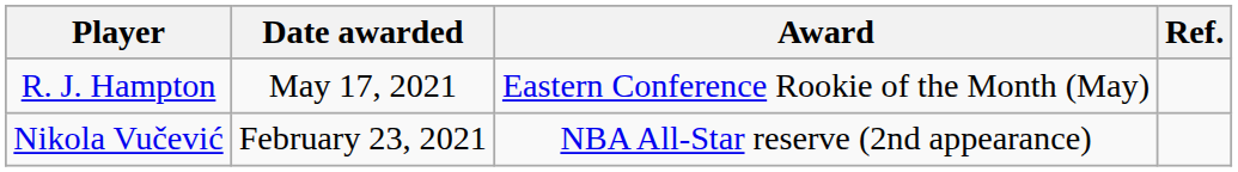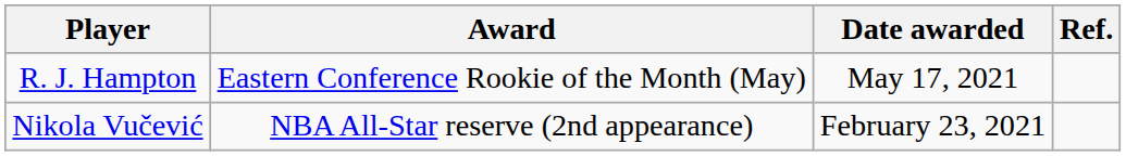 <table class="wikitable sortable sortable" style="text-align: center">
 <tr>
 <th>Player</th>
+<th>Award</th>
 <th>Date awarded</th>
-<th>Award</th>
 <th>Ref.</th>
 </tr>
 <tr>
 <td><a href='#'>R. J. Hampton</a></td>
+<td><a href='#'>Eastern Conference</a> Rookie of the Month (May)</td>
 <td>May 17, 2021</td>
-<td><a href='#'>Eastern Conference</a> Rookie of the Month (May)</td>
 <td align=center></td>
 </tr>
 <tr>
 <td><a href='#'>Nikola Vučević</a></td>
+<td><a href='#'>NBA All-Star</a> reserve (2nd appearance)</td>
 <td>February 23, 2021</td>
-<td><a href='#'>NBA All-Star</a> reserve (2nd appearance)</td>
 <td align=center></td>
 </tr>
 </table>
